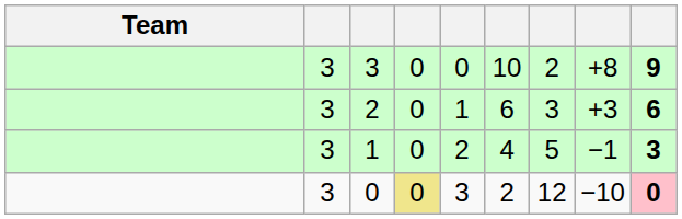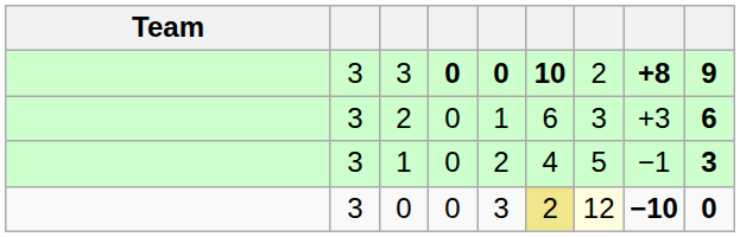 <table class="wikitable" style="text-align:center">
 <tr>
 <th width=175>Team</th>
 <th width=20></th>
 <th width=20></th>
 <th width=20></th>
 <th width=20></th>
 <th width=20></th>
 <th width=20></th>
 <th width=20></th>
 <th width=20></th>
 </tr>
 <tr bgcolor=ccffcc>
 <td align=left></td>
 <td>3</td>
 <td>3</td>
-<td>0</td>
-<td>0</td>
-<td>10</td>
+<td><strong>0</strong></td>
+<td><strong>0</strong></td>
+<td><strong>10</strong></td>
 <td>2</td>
-<td>+8</td>
+<td><strong>+8</strong></td>
 <td><strong>9</strong></td>
 </tr>
 <tr bgcolor=ccffcc>
 <td align=left></td>
 <td>3</td>
 <td>2</td>
 <td>0</td>
 <td>1</td>
 <td>6</td>
 <td>3</td>
 <td>+3</td>
 <td><strong>6</strong></td>
 </tr>
 <tr bgcolor=ccffcc>
 <td align=left></td>
 <td>3</td>
 <td>1</td>
 <td>0</td>
 <td>2</td>
 <td>4</td>
 <td>5</td>
 <td>−1</td>
 <td><strong>3</strong></td>
 </tr>
 <tr>
 <td align=left></td>
 <td>3</td>
 <td>0</td>
-<td style="background: khaki;">0</td>
+<td>0</td>
 <td>3</td>
-<td>2</td>
-<td>12</td>
-<td>−10</td>
-<td style="background: pink;"><strong>0</strong></td>
+<td style="background: khaki;">2</td>
+<td style="background: lightyellow;">12</td>
+<td><strong>−10</strong></td>
+<td><strong>0</strong></td>
 </tr>
 </table>
